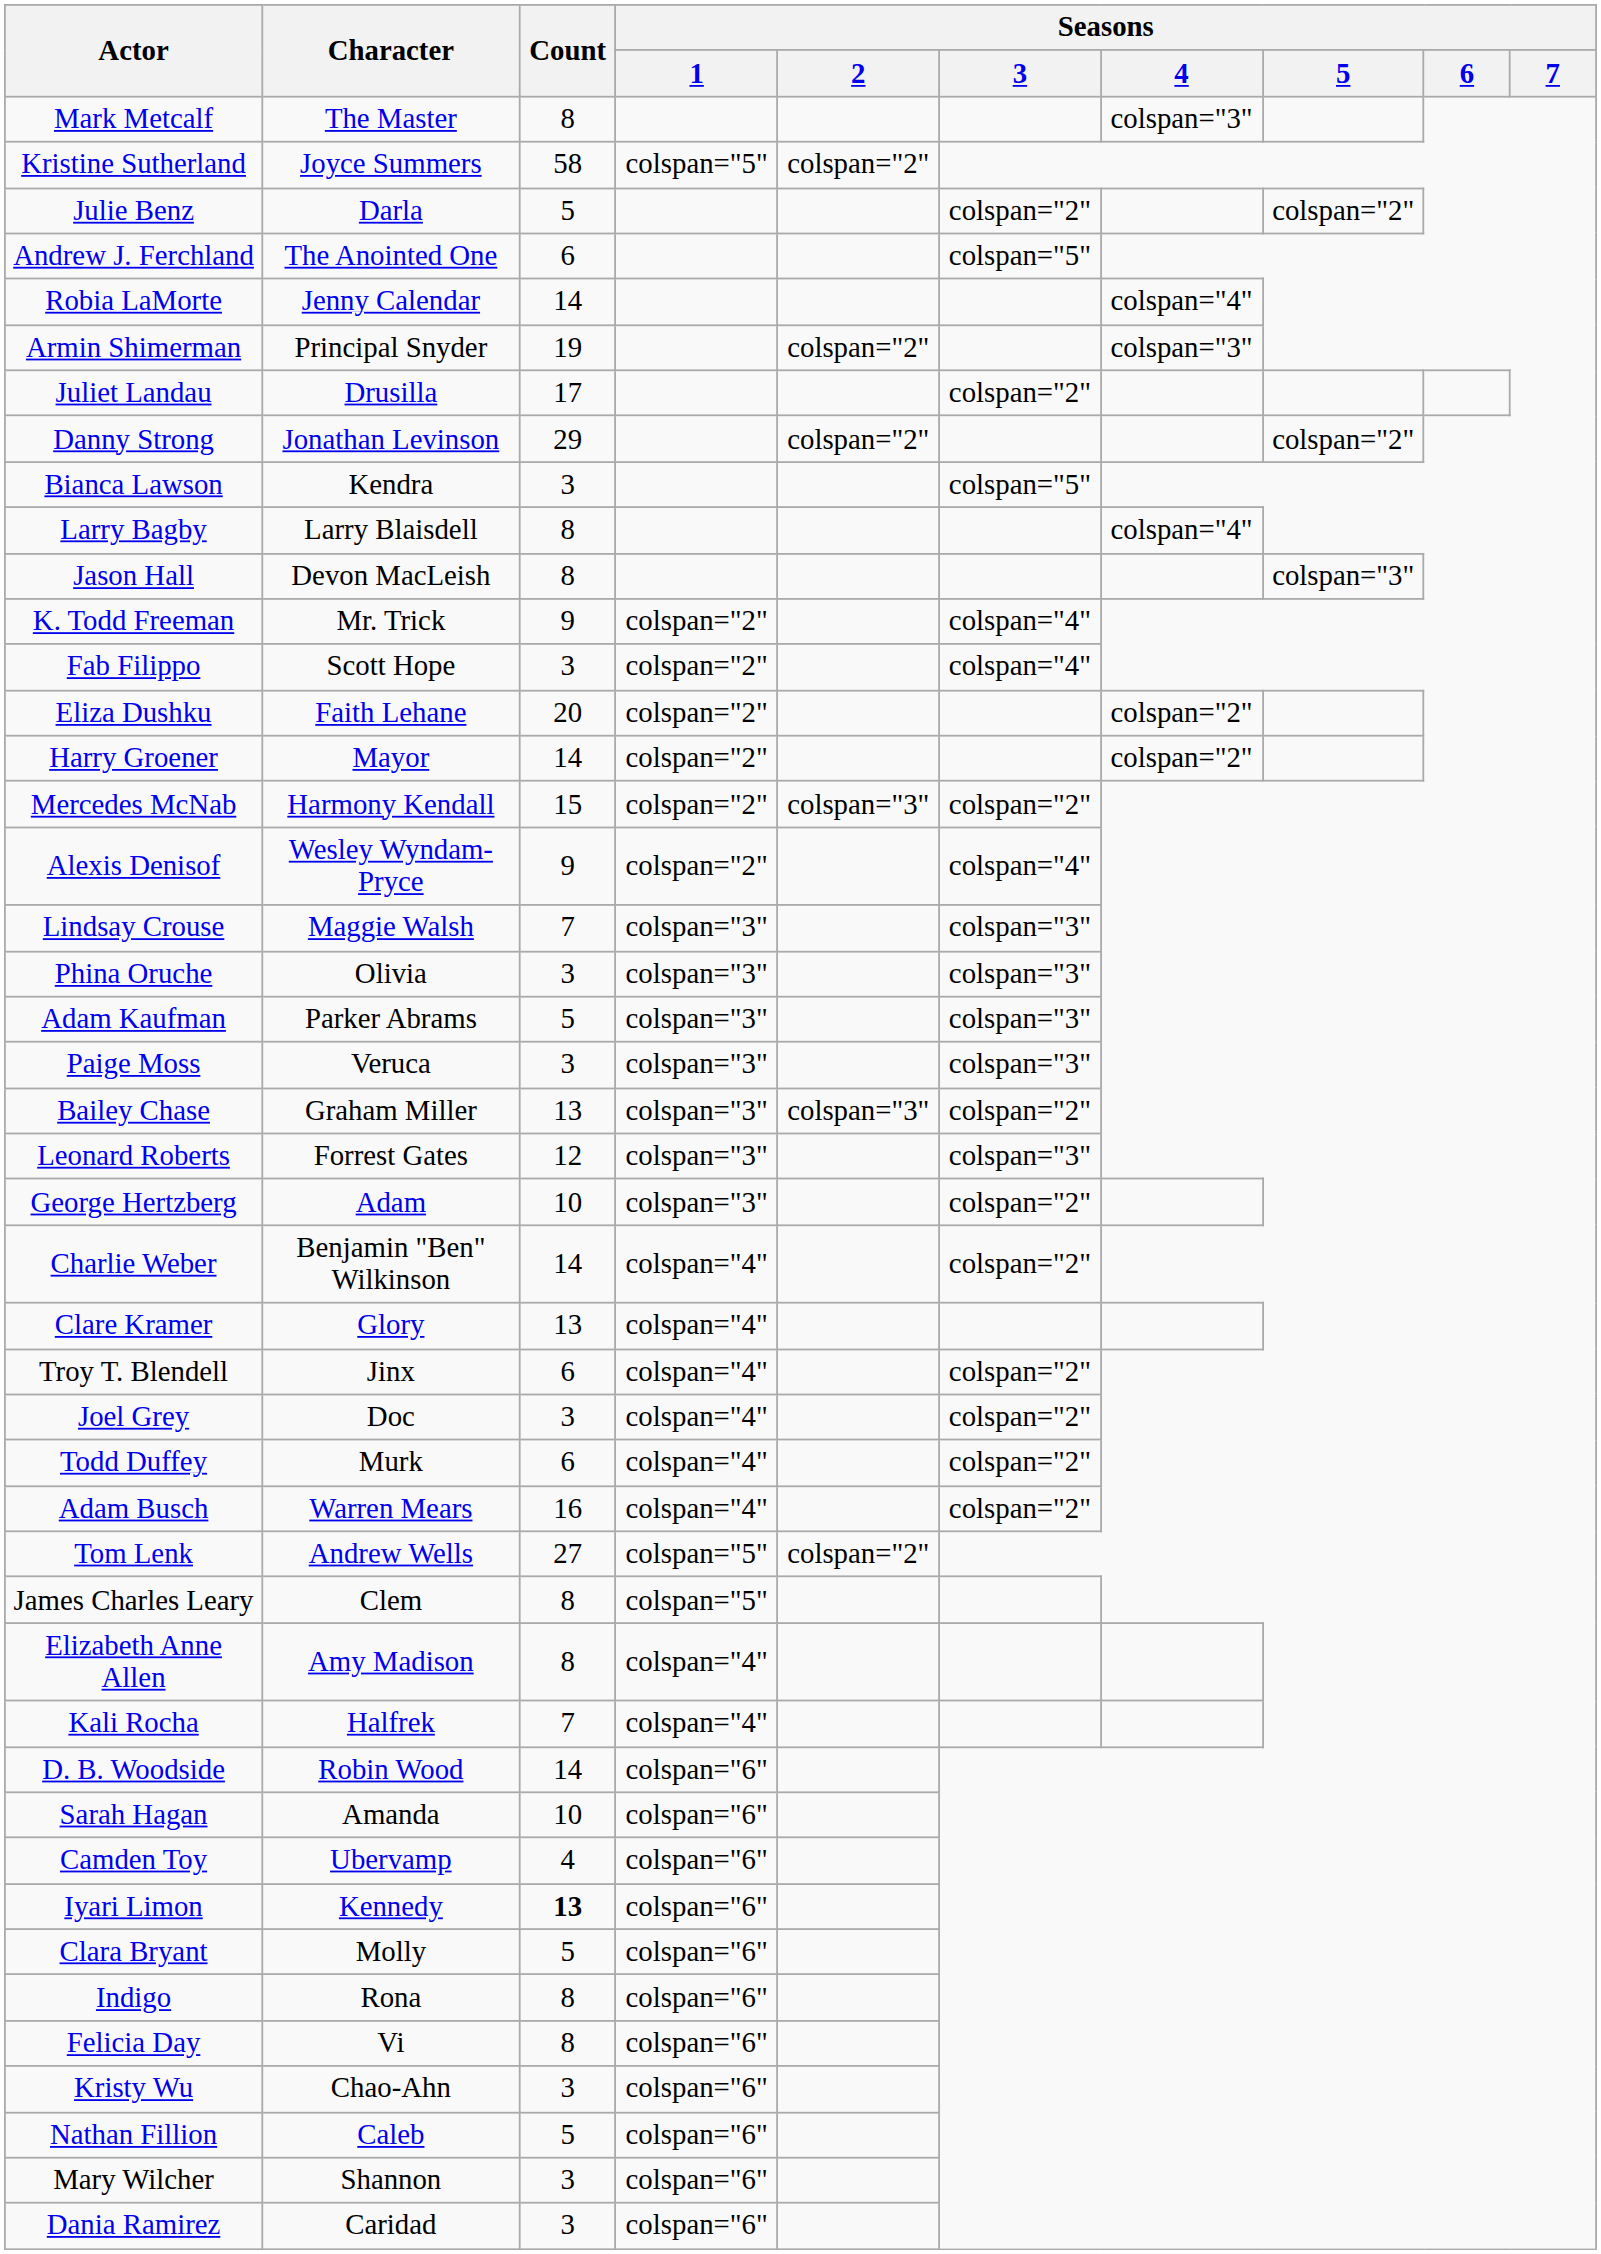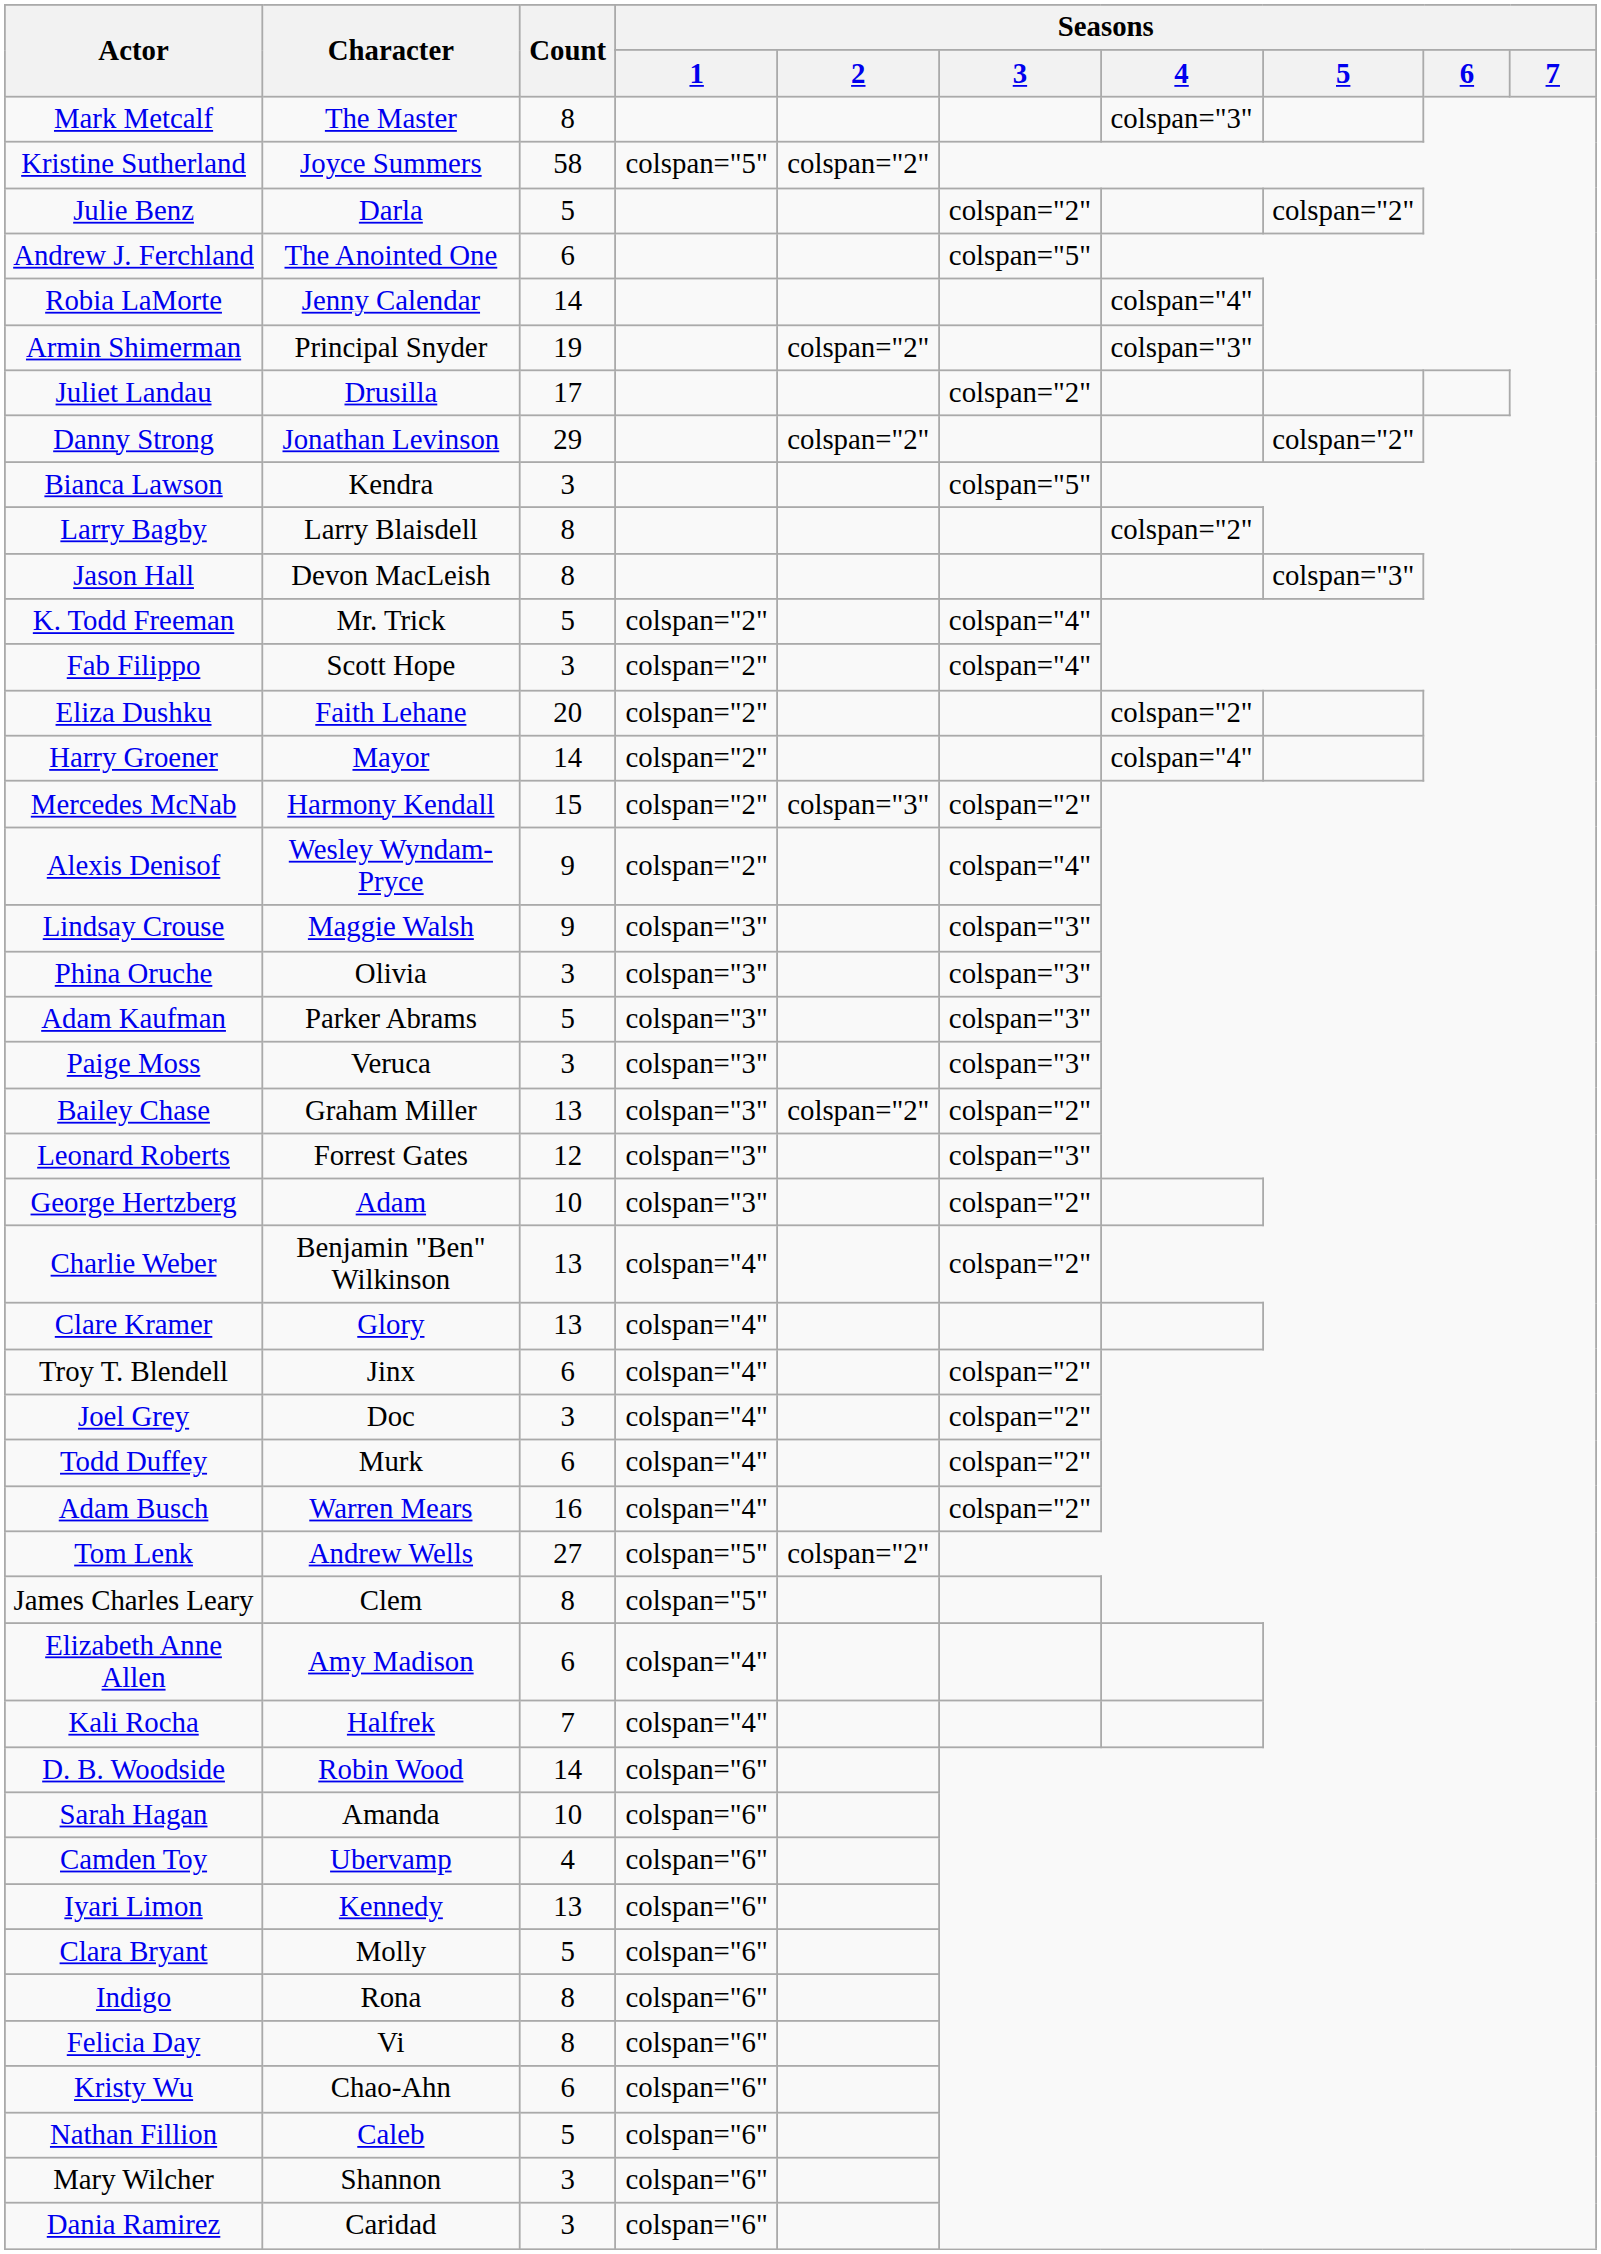 <table class="wikitable sortable" width="70%" style="text-align:center">
 <tr>
 <th scope="col" rowspan="2" style="width:15%;">Actor</th>
 <th scope="col" rowspan="2" style="width:15%;">Character</th>
 <th scope="col" rowspan="2" style="width:5%;">Count</th>
 <th scope="col" colspan="7">Seasons</th>
 </tr>
 <tr>
 <th style="width:5%;"><a href='#'>1</a></th>
 <th style="width:5%;"><a href='#'>2</a></th>
 <th style="width:5%;"><a href='#'>3</a></th>
 <th style="width:5%;"><a href='#'>4</a></th>
 <th style="width:5%;"><a href='#'>5</a></th>
 <th style="width:5%;"><a href='#'>6</a></th>
 <th style="width:5%;"><a href='#'>7</a></th>
 </tr>
 <tr>
 <td><a href='#'>Mark Metcalf</a></td>
 <td><a href='#'>The Master</a></td>
 <td>8</td>
 <td></td>
 <td></td>
 <td></td>
 <td>colspan="3" </td>
 <td></td>
 </tr>
 <tr>
 <td><a href='#'>Kristine Sutherland</a></td>
 <td><a href='#'>Joyce Summers</a></td>
 <td>58</td>
 <td>colspan="5" </td>
 <td>colspan="2" </td>
 </tr>
 <tr>
 <td><a href='#'>Julie Benz</a></td>
 <td><a href='#'>Darla</a></td>
 <td>5</td>
 <td></td>
 <td></td>
 <td>colspan="2" </td>
 <td></td>
 <td>colspan="2" </td>
 </tr>
 <tr>
 <td><a href='#'>Andrew J. Ferchland</a></td>
 <td><a href='#'>The Anointed One</a></td>
 <td>6</td>
 <td></td>
 <td></td>
 <td>colspan="5" </td>
 </tr>
 <tr>
 <td><a href='#'>Robia LaMorte</a></td>
 <td><a href='#'>Jenny Calendar</a></td>
 <td>14</td>
 <td></td>
 <td></td>
 <td></td>
 <td>colspan="4" </td>
 </tr>
 <tr>
 <td><a href='#'>Armin Shimerman</a></td>
 <td>Principal Snyder</td>
 <td>19</td>
 <td></td>
 <td>colspan="2" </td>
 <td></td>
 <td>colspan="3" </td>
 </tr>
 <tr>
 <td><a href='#'>Juliet Landau</a></td>
 <td><a href='#'>Drusilla</a></td>
 <td>17</td>
 <td></td>
 <td></td>
 <td>colspan="2" </td>
 <td></td>
 <td></td>
 <td></td>
 </tr>
 <tr>
 <td><a href='#'>Danny Strong</a></td>
 <td><a href='#'>Jonathan Levinson</a></td>
 <td>29</td>
 <td></td>
 <td>colspan="2" </td>
 <td></td>
 <td></td>
 <td>colspan="2" </td>
 </tr>
 <tr>
 <td><a href='#'>Bianca Lawson</a></td>
 <td>Kendra</td>
 <td>3</td>
 <td></td>
 <td></td>
 <td>colspan="5" </td>
 </tr>
 <tr>
 <td><a href='#'>Larry Bagby</a></td>
 <td>Larry Blaisdell</td>
 <td>8</td>
 <td></td>
 <td></td>
 <td></td>
-<td>colspan="4" </td>
+<td>colspan="2" </td>
 </tr>
 <tr>
 <td><a href='#'>Jason Hall</a></td>
 <td>Devon MacLeish</td>
 <td>8</td>
 <td></td>
 <td></td>
 <td></td>
 <td></td>
 <td>colspan="3" </td>
 </tr>
 <tr>
 <td><a href='#'>K. Todd Freeman</a></td>
 <td>Mr. Trick</td>
-<td>9</td>
+<td>5</td>
 <td>colspan="2" </td>
 <td></td>
 <td>colspan="4" </td>
 </tr>
 <tr>
 <td><a href='#'>Fab Filippo</a></td>
 <td>Scott Hope</td>
 <td>3</td>
 <td>colspan="2" </td>
 <td></td>
 <td>colspan="4" </td>
 </tr>
 <tr>
 <td><a href='#'>Eliza Dushku</a></td>
 <td><a href='#'>Faith Lehane</a></td>
 <td>20</td>
 <td>colspan="2" </td>
 <td></td>
 <td></td>
 <td>colspan="2" </td>
 <td></td>
 </tr>
 <tr>
 <td><a href='#'>Harry Groener</a></td>
 <td><a href='#'>Mayor</a></td>
 <td>14</td>
 <td>colspan="2" </td>
 <td></td>
 <td></td>
-<td>colspan="2" </td>
+<td>colspan="4" </td>
 <td></td>
 </tr>
 <tr>
 <td><a href='#'>Mercedes McNab</a></td>
 <td><a href='#'>Harmony Kendall</a></td>
 <td>15</td>
 <td>colspan="2" </td>
 <td>colspan="3" </td>
 <td>colspan="2" </td>
 </tr>
 <tr>
 <td><a href='#'>Alexis Denisof</a></td>
 <td><a href='#'>Wesley Wyndam-Pryce</a></td>
 <td>9</td>
 <td>colspan="2" </td>
 <td></td>
 <td>colspan="4" </td>
 </tr>
 <tr>
 <td><a href='#'>Lindsay Crouse</a></td>
 <td><a href='#'>Maggie Walsh</a></td>
-<td>7</td>
+<td>9</td>
 <td>colspan="3" </td>
 <td></td>
 <td>colspan="3" </td>
 </tr>
 <tr>
 <td><a href='#'>Phina Oruche</a></td>
 <td>Olivia</td>
 <td>3</td>
 <td>colspan="3" </td>
 <td></td>
 <td>colspan="3" </td>
 </tr>
 <tr>
 <td><a href='#'>Adam Kaufman</a></td>
 <td>Parker Abrams</td>
 <td>5</td>
 <td>colspan="3" </td>
 <td></td>
 <td>colspan="3" </td>
 </tr>
 <tr>
 <td><a href='#'>Paige Moss</a></td>
 <td>Veruca</td>
 <td>3</td>
 <td>colspan="3" </td>
 <td></td>
 <td>colspan="3" </td>
 </tr>
 <tr>
 <td><a href='#'>Bailey Chase</a></td>
 <td>Graham Miller</td>
 <td>13</td>
 <td>colspan="3" </td>
-<td>colspan="3" </td>
+<td>colspan="2" </td>
 <td>colspan="2" </td>
 </tr>
 <tr>
 <td><a href='#'>Leonard Roberts</a></td>
 <td>Forrest Gates</td>
 <td>12</td>
 <td>colspan="3" </td>
 <td></td>
 <td>colspan="3" </td>
 </tr>
 <tr>
 <td><a href='#'>George Hertzberg</a></td>
 <td><a href='#'>Adam</a></td>
 <td>10</td>
 <td>colspan="3" </td>
 <td></td>
 <td>colspan="2" </td>
 <td></td>
 </tr>
 <tr>
 <td><a href='#'>Charlie Weber</a></td>
 <td>Benjamin "Ben" Wilkinson</td>
-<td>14</td>
+<td>13</td>
 <td>colspan="4" </td>
 <td></td>
 <td>colspan="2" </td>
 </tr>
 <tr>
 <td><a href='#'>Clare Kramer</a></td>
 <td><a href='#'>Glory</a></td>
 <td>13</td>
 <td>colspan="4" </td>
 <td></td>
 <td></td>
 <td></td>
 </tr>
 <tr>
 <td>Troy T. Blendell</td>
 <td>Jinx</td>
 <td>6</td>
 <td>colspan="4" </td>
 <td></td>
 <td>colspan="2" </td>
 </tr>
 <tr>
 <td><a href='#'>Joel Grey</a></td>
 <td>Doc</td>
 <td>3</td>
 <td>colspan="4" </td>
 <td></td>
 <td>colspan="2" </td>
 </tr>
 <tr>
 <td><a href='#'>Todd Duffey</a></td>
 <td>Murk</td>
 <td>6</td>
 <td>colspan="4" </td>
 <td></td>
 <td>colspan="2" </td>
 </tr>
 <tr>
 <td><a href='#'>Adam Busch</a></td>
 <td><a href='#'>Warren Mears</a></td>
 <td>16</td>
 <td>colspan="4" </td>
 <td></td>
 <td>colspan="2" </td>
 </tr>
 <tr>
 <td><a href='#'>Tom Lenk</a></td>
 <td><a href='#'>Andrew Wells</a></td>
 <td>27</td>
 <td>colspan="5" </td>
 <td>colspan="2" </td>
 </tr>
 <tr>
 <td>James Charles Leary</td>
 <td>Clem</td>
 <td>8</td>
 <td>colspan="5" </td>
 <td></td>
 <td></td>
 </tr>
 <tr>
 <td><a href='#'>Elizabeth Anne Allen</a></td>
 <td><a href='#'>Amy Madison</a></td>
-<td>8</td>
+<td>6</td>
 <td>colspan="4" </td>
 <td></td>
 <td></td>
 <td></td>
 </tr>
 <tr>
 <td><a href='#'>Kali Rocha</a></td>
 <td><a href='#'>Halfrek</a></td>
 <td>7</td>
 <td>colspan="4" </td>
 <td></td>
 <td></td>
 <td></td>
 </tr>
 <tr>
 <td><a href='#'>D. B. Woodside</a></td>
 <td><a href='#'>Robin Wood</a></td>
 <td>14</td>
 <td>colspan="6" </td>
 <td></td>
 </tr>
 <tr>
 <td><a href='#'>Sarah Hagan</a></td>
 <td>Amanda</td>
 <td>10</td>
 <td>colspan="6" </td>
 <td></td>
 </tr>
 <tr>
 <td><a href='#'>Camden Toy</a></td>
 <td><a href='#'>Ubervamp</a></td>
 <td>4</td>
 <td>colspan="6" </td>
 <td></td>
 </tr>
 <tr>
 <td><a href='#'>Iyari Limon</a></td>
 <td><a href='#'>Kennedy</a></td>
-<td><strong>13</strong></td>
+<td>13</td>
 <td>colspan="6" </td>
 <td></td>
 </tr>
 <tr>
 <td><a href='#'>Clara Bryant</a></td>
 <td>Molly</td>
 <td>5</td>
 <td>colspan="6" </td>
 <td></td>
 </tr>
 <tr>
 <td><a href='#'>Indigo</a></td>
 <td>Rona</td>
 <td>8</td>
 <td>colspan="6" </td>
 <td></td>
 </tr>
 <tr>
 <td><a href='#'>Felicia Day</a></td>
 <td>Vi</td>
 <td>8</td>
 <td>colspan="6" </td>
 <td></td>
 </tr>
 <tr>
 <td><a href='#'>Kristy Wu</a></td>
 <td>Chao-Ahn</td>
-<td>3</td>
+<td>6</td>
 <td>colspan="6" </td>
 <td></td>
 </tr>
 <tr>
 <td><a href='#'>Nathan Fillion</a></td>
 <td><a href='#'>Caleb</a></td>
 <td>5</td>
 <td>colspan="6" </td>
 <td></td>
 </tr>
 <tr>
 <td>Mary Wilcher</td>
 <td>Shannon</td>
 <td>3</td>
 <td>colspan="6" </td>
 <td></td>
 </tr>
 <tr>
 <td><a href='#'>Dania Ramirez</a></td>
 <td>Caridad</td>
 <td>3</td>
 <td>colspan="6" </td>
 <td></td>
 </tr>
 <tr>
 </tr>
 </table>
